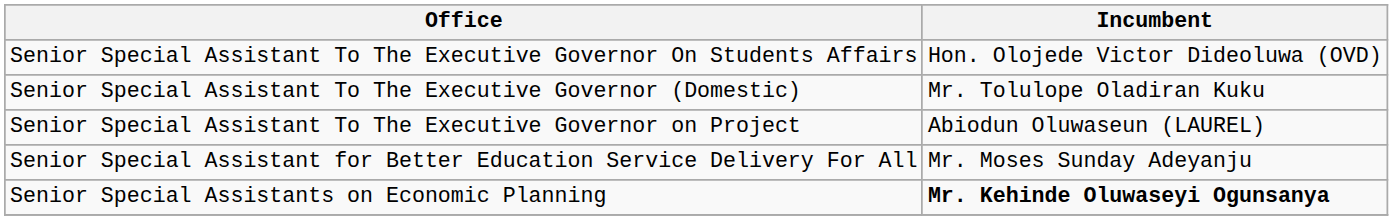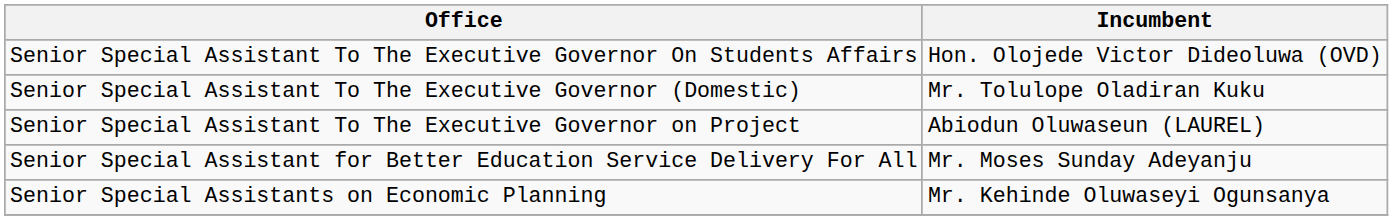 <table class="wikitable" style="font-size: 95%;">
 <tr>
 <th>Office</th>
 <th>Incumbent</th>
 </tr>
 <tr>
 <td>Senior Special Assistant To The Executive Governor On Students Affairs</td>
 <td>Hon. Olojede Victor Dideoluwa (OVD)</td>
 </tr>
 <tr>
 <td>Senior Special Assistant To The Executive Governor (Domestic)</td>
 <td>Mr. Tolulope Oladiran Kuku</td>
 </tr>
 <tr>
 <td>Senior Special Assistant To The Executive Governor on Project</td>
 <td>Abiodun Oluwaseun (LAUREL)</td>
 </tr>
 <tr>
 <td>Senior Special Assistant for Better Education Service Delivery For All</td>
 <td>Mr. Moses Sunday Adeyanju</td>
 </tr>
 <tr>
 <td>Senior Special Assistants on Economic Planning</td>
-<td><strong>Mr. Kehinde Oluwaseyi Ogunsanya</strong></td>
+<td>Mr. Kehinde Oluwaseyi Ogunsanya</td>
 </tr>
 <tr>
 </tr>
 </table>
